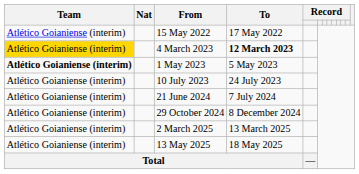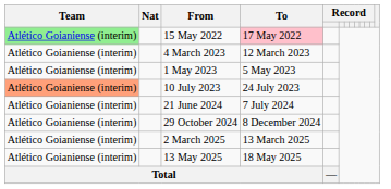 <table class="wikitable" style="text-align: center">
 <tr>
 <th rowspan="2">Team</th>
 <th rowspan="2">Nat</th>
 <th rowspan="2">From</th>
 <th rowspan="2">To</th>
 <th colspan="8">Record</th>
 <th rowspan=2></th>
 </tr>
 <tr>
 <th></th>
 <th></th>
 <th></th>
 <th></th>
 <th></th>
 <th></th>
 <th></th>
 <th></th>
 </tr>
 <tr>
-<td align=left><a href='#'>Atlético Goianiense</a> (interim)</td>
+<td align=left style="background: lightgreen;"><a href='#'>Atlético Goianiense</a> (interim)</td>
 <td></td>
 <td align=left>15 May 2022</td>
-<td align=left>17 May 2022<br></td>
+<td align=left style="background: pink;">17 May 2022<br></td>
 <td></td>
 </tr>
 <tr>
-<td align=left style="background: gold;">Atlético Goianiense (interim)</td>
+<td align=left>Atlético Goianiense (interim)</td>
 <td></td>
 <td align=left>4 March 2023</td>
-<td align=left><strong>12 March 2023<br></strong></td>
+<td align=left>12 March 2023<br></td>
 <td></td>
 </tr>
 <tr>
-<td align=left><strong>Atlético Goianiense (interim)</strong></td>
+<td align=left>Atlético Goianiense (interim)</td>
 <td></td>
 <td align=left>1 May 2023</td>
 <td align=left>5 May 2023<br></td>
 <td></td>
 </tr>
 <tr>
-<td align=left>Atlético Goianiense (interim)</td>
+<td align=left style="background: lightsalmon;">Atlético Goianiense (interim)</td>
 <td></td>
 <td align=left>10 July 2023</td>
 <td align=left>24 July 2023<br></td>
 <td></td>
 </tr>
 <tr>
 <td align=left>Atlético Goianiense (interim)</td>
 <td></td>
 <td align=left>21 June 2024</td>
 <td align=left>7 July 2024<br></td>
 <td></td>
 </tr>
 <tr>
 <td align=left>Atlético Goianiense (interim)</td>
 <td></td>
 <td align=left>29 October 2024</td>
 <td align=left>8 December 2024<br></td>
 <td></td>
 </tr>
 <tr>
 <td align=left>Atlético Goianiense (interim)</td>
 <td></td>
 <td align=left>2 March 2025</td>
 <td align=left>13 March 2025<br></td>
 <td></td>
 </tr>
 <tr>
 <td align=left>Atlético Goianiense (interim)</td>
 <td></td>
 <td align=left>13 May 2025</td>
 <td align=left>18 May 2025<br></td>
 <td></td>
 </tr>
 <tr>
 <th colspan="4">Total<br></th>
 <th>—</th>
 </tr>
 </table>
